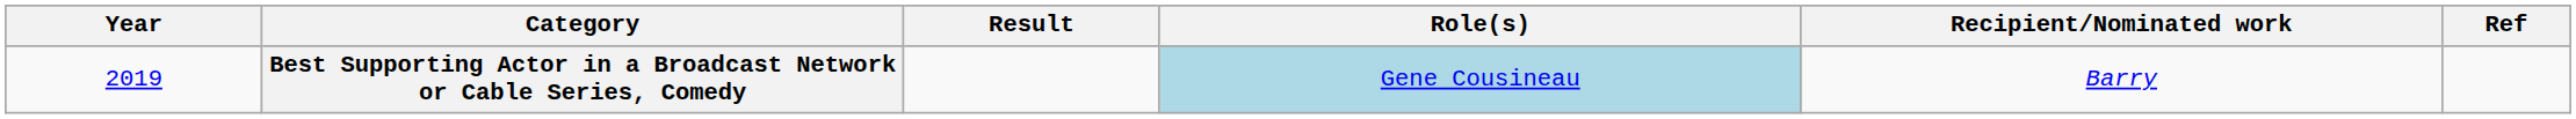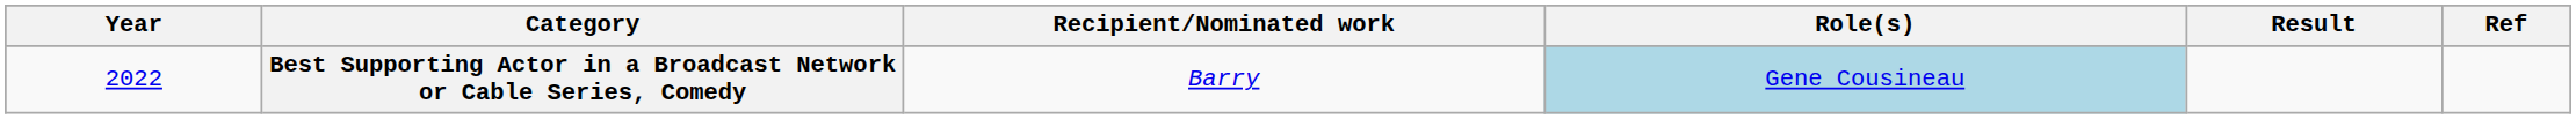 <table class="wikitable plainrowheaders" style="font-size: 90%; text-align:center" width=100%>
 <tr>
 <th scope="col" width="10%">Year</th>
 <th scope="col" width="25%">Category</th>
+<th scope="col" width="25%">Recipient/Nominated work</th>
+<th scope="col" width="25%">Role(s)</th>
 <th scope="col" width="10%">Result</th>
-<th scope="col" width="25%">Role(s)</th>
-<th scope="col" width="25%">Recipient/Nominated work</th>
 <th scope="col" width="5%">Ref</th>
 </tr>
 <tr>
-<td><a href='#'>2019</a></td>
+<td><a href='#'>2022</a></td>
 <th scope="row" style="text-align:center">Best Supporting Actor in a Broadcast Network or Cable Series, Comedy</th>
+<td><em><a href='#'>Barry</a></em></td>
+<td style="background: lightblue;"><a href='#'>Gene Cousineau</a></td>
 <td></td>
-<td style="background: lightblue;"><a href='#'>Gene Cousineau</a></td>
-<td><em><a href='#'>Barry</a></em></td>
 <td></td>
 </tr>
 </table>
